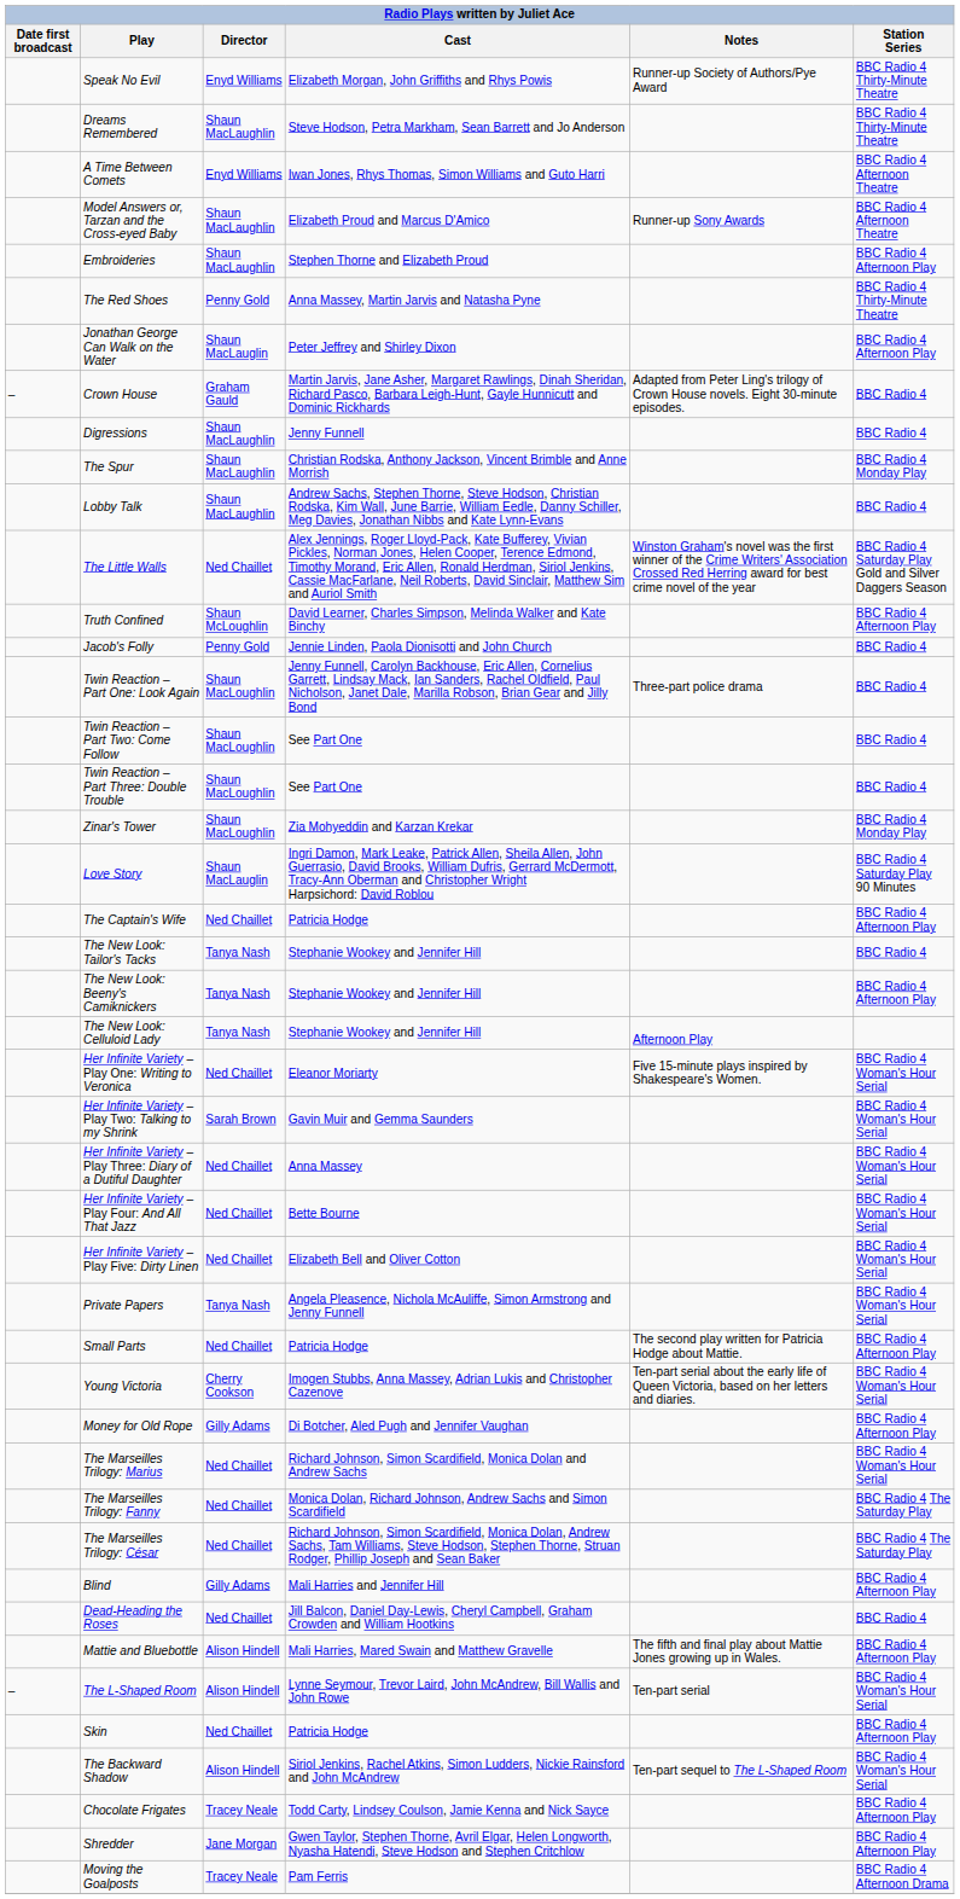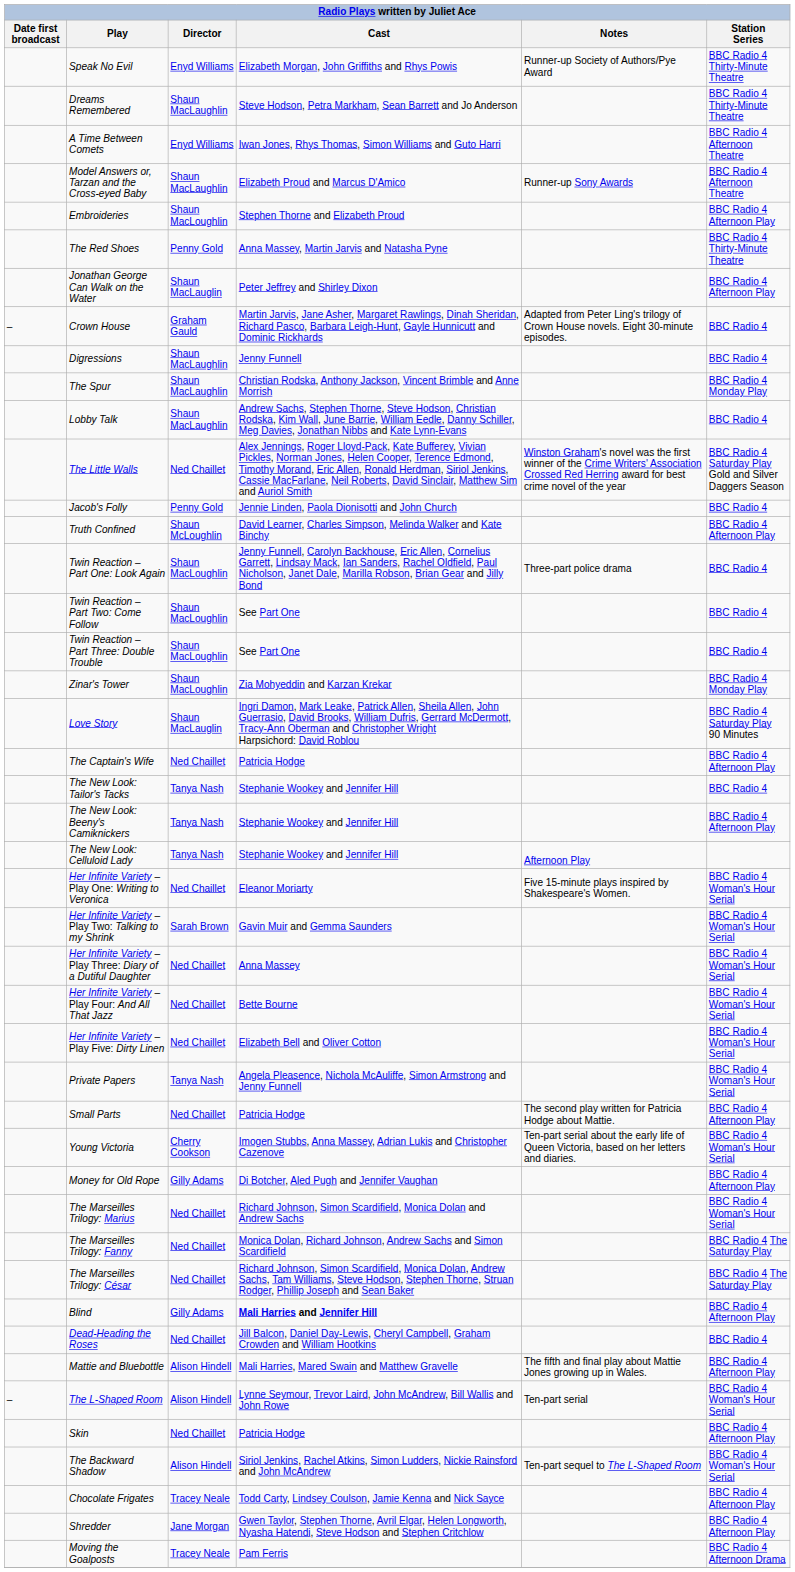 <table class="wikitable sortable" style="font-size: 100%; background: #f9f9f9">
 <tr>
 <th colspan=6 style="background:#B0C4DE;"><a href='#'>Radio Plays</a> written by Juliet Ace</th>
 </tr>
 <tr align="center">
 <th>Date first broadcast</th>
 <th>Play</th>
 <th>Director</th>
 <th>Cast</th>
 <th>Notes</th>
 <th>Station<br>Series<br></th>
 </tr>
 <tr id="Speak No Evil">
 <td></td>
 <td><em>Speak No Evil</em></td>
 <td><a href='#'>Enyd Williams</a></td>
 <td><a href='#'>Elizabeth Morgan</a>, <a href='#'>John Griffiths</a> and <a href='#'>Rhys Powis</a></td>
 <td>Runner-up Society of Authors/Pye Award</td>
 <td><a href='#'>BBC Radio 4</a> <a href='#'>Thirty-Minute Theatre</a></td>
 </tr>
 <tr id="Dreams Remembered">
 <td></td>
 <td><em>Dreams Remembered</em></td>
 <td><a href='#'>Shaun MacLaughlin</a></td>
 <td><a href='#'>Steve Hodson</a>, <a href='#'>Petra Markham</a>, <a href='#'>Sean Barrett</a> and Jo Anderson</td>
 <td></td>
 <td><a href='#'>BBC Radio 4</a><br><a href='#'>Thirty-Minute Theatre</a></td>
 </tr>
 <tr id="A Time Between Comets">
 <td></td>
 <td><em>A Time Between Comets</em></td>
 <td><a href='#'>Enyd Williams</a></td>
 <td><a href='#'>Iwan Jones</a>, <a href='#'>Rhys Thomas</a>, <a href='#'>Simon Williams</a> and <a href='#'>Guto Harri</a></td>
 <td></td>
 <td><a href='#'>BBC Radio 4</a><br><a href='#'>Afternoon Theatre</a></td>
 </tr>
 <tr id="Model Answers">
 <td></td>
 <td><em>Model Answers</em> <em>or, Tarzan and the Cross-eyed Baby </em></td>
 <td><a href='#'>Shaun MacLaughlin</a></td>
 <td><a href='#'>Elizabeth Proud</a> and <a href='#'>Marcus D'Amico</a></td>
 <td>Runner-up <a href='#'>Sony Awards</a></td>
 <td><a href='#'>BBC Radio 4</a><br><a href='#'>Afternoon Theatre</a></td>
 </tr>
 <tr id="Embroideries">
 <td></td>
 <td><em>Embroideries</em></td>
-<td><a href='#'>Shaun MacLaughlin</a></td>
+<td><a href='#'>Shaun MacLoughlin</a></td>
 <td><a href='#'>Stephen Thorne</a> and <a href='#'>Elizabeth Proud</a></td>
 <td></td>
 <td><a href='#'>BBC Radio 4</a><br><a href='#'>Afternoon Play</a></td>
 </tr>
 <tr id="The Red Shoes">
 <td></td>
 <td><em>The Red Shoes</em></td>
 <td><a href='#'>Penny Gold</a></td>
 <td><a href='#'>Anna Massey</a>, <a href='#'>Martin Jarvis</a> and <a href='#'>Natasha Pyne</a></td>
 <td></td>
 <td><a href='#'>BBC Radio 4</a><br><a href='#'>Thirty-Minute Theatre</a></td>
 </tr>
 <tr id="Jonathan George Can Walk on the Water">
 <td></td>
 <td><em>Jonathan George Can Walk on the Water</em></td>
 <td><a href='#'>Shaun MacLauglin</a></td>
 <td><a href='#'>Peter Jeffrey</a> and <a href='#'>Shirley Dixon</a></td>
 <td></td>
 <td><a href='#'>BBC Radio 4</a><br><a href='#'>Afternoon Play</a></td>
 </tr>
 <tr id="Crown House ">
 <td> – </td>
 <td><em>Crown House</em></td>
 <td><a href='#'>Graham Gauld</a></td>
 <td><a href='#'>Martin Jarvis</a>, <a href='#'>Jane Asher</a>, <a href='#'>Margaret Rawlings</a>, <a href='#'>Dinah Sheridan</a>, <a href='#'>Richard Pasco</a>, <a href='#'>Barbara Leigh-Hunt</a>, <a href='#'>Gayle Hunnicutt</a> and <a href='#'>Dominic Rickhards</a></td>
 <td>Adapted from Peter Ling's trilogy of Crown House novels. Eight 30-minute episodes.</td>
 <td><a href='#'>BBC Radio 4</a></td>
 </tr>
 <tr id="Digressions">
 <td></td>
 <td><em>Digressions</em></td>
 <td><a href='#'>Shaun MacLaughlin</a></td>
 <td><a href='#'>Jenny Funnell</a></td>
 <td></td>
 <td><a href='#'>BBC Radio 4</a></td>
 </tr>
 <tr id="The Spur">
 <td></td>
 <td><em>The Spur</em></td>
 <td><a href='#'>Shaun MacLaughlin</a></td>
 <td><a href='#'>Christian Rodska</a>, <a href='#'>Anthony Jackson</a>, <a href='#'>Vincent Brimble</a> and <a href='#'>Anne Morrish</a></td>
 <td></td>
 <td><a href='#'>BBC Radio 4</a><br><a href='#'>Monday Play</a></td>
 </tr>
 <tr id="Lobby Talk">
 <td></td>
 <td><em>Lobby Talk</em> </td>
 <td><a href='#'>Shaun MacLaughlin</a></td>
 <td><a href='#'>Andrew Sachs</a>, <a href='#'>Stephen Thorne</a>, <a href='#'>Steve Hodson</a>, <a href='#'>Christian Rodska</a>, <a href='#'>Kim Wall</a>, <a href='#'>June Barrie</a>, <a href='#'>William Eedle</a>, <a href='#'>Danny Schiller</a>, <a href='#'>Meg Davies</a>, <a href='#'>Jonathan Nibbs</a> and <a href='#'>Kate Lynn-Evans</a></td>
 <td></td>
 <td><a href='#'>BBC Radio 4</a></td>
 </tr>
 <tr id="The Little Walls">
 <td></td>
 <td><em><a href='#'>The Little Walls</a></em></td>
 <td><a href='#'>Ned Chaillet</a></td>
 <td><a href='#'>Alex Jennings</a>, <a href='#'>Roger Lloyd-Pack</a>, <a href='#'>Kate Bufferey</a>, <a href='#'>Vivian Pickles</a>, <a href='#'>Norman Jones</a>, <a href='#'>Helen Cooper</a>, <a href='#'>Terence Edmond</a>, <a href='#'>Timothy Morand</a>, <a href='#'>Eric Allen</a>, <a href='#'>Ronald Herdman</a>, <a href='#'>Siriol Jenkins</a>, <a href='#'>Cassie MacFarlane</a>, <a href='#'>Neil Roberts</a>, <a href='#'>David Sinclair</a>, <a href='#'>Matthew Sim</a> and <a href='#'>Auriol Smith</a></td>
 <td><a href='#'>Winston Graham</a>'s novel was the first winner of the <a href='#'>Crime Writers' Association</a> <a href='#'>Crossed Red Herring</a> award for best crime novel of the year</td>
 <td><a href='#'>BBC Radio 4</a><br><a href='#'>Saturday Play</a> Gold and Silver Daggers Season</td>
 </tr>
+<tr id="Jacob's Folly">
+<td></td>
+<td><em>Jacob's Folly</em></td>
+<td><a href='#'>Penny Gold</a></td>
+<td><a href='#'>Jennie Linden</a>, <a href='#'>Paola Dionisotti</a> and <a href='#'>John Church</a></td>
+<td></td>
+<td><a href='#'>BBC Radio 4</a></td>
+</tr>
 <tr id="Truth Confined">
 <td></td>
 <td><em>Truth Confined</em></td>
 <td><a href='#'>Shaun McLoughlin</a></td>
 <td><a href='#'>David Learner</a>, <a href='#'>Charles Simpson</a>, <a href='#'>Melinda Walker</a> and <a href='#'>Kate Binchy</a></td>
 <td></td>
 <td><a href='#'>BBC Radio 4</a><br><a href='#'>Afternoon Play</a></td>
-</tr>
-<tr id="Jacob's Folly">
-<td></td>
-<td><em>Jacob's Folly</em></td>
-<td><a href='#'>Penny Gold</a></td>
-<td><a href='#'>Jennie Linden</a>, <a href='#'>Paola Dionisotti</a> and <a href='#'>John Church</a></td>
-<td></td>
-<td><a href='#'>BBC Radio 4</a></td>
 </tr>
 <tr id="Twin Reaction – Part One: Look Again">
 <td></td>
 <td><em>Twin Reaction – </em><br><em>Part One: Look Again</em></td>
 <td><a href='#'>Shaun MacLoughlin</a></td>
 <td><a href='#'>Jenny Funnell</a>, <a href='#'>Carolyn Backhouse</a>, <a href='#'>Eric Allen</a>, <a href='#'>Cornelius Garrett</a>, <a href='#'>Lindsay Mack</a>, <a href='#'>Ian Sanders</a>, <a href='#'>Rachel Oldfield</a>, <a href='#'>Paul Nicholson</a>, <a href='#'>Janet Dale</a>, <a href='#'>Marilla Robson</a>, <a href='#'>Brian Gear</a> and <a href='#'>Jilly Bond</a></td>
 <td>Three-part police drama</td>
 <td><a href='#'>BBC Radio 4</a></td>
 </tr>
 <tr id="Twin Reaction – Part Two: Come Follow">
 <td></td>
 <td><em>Twin Reaction – </em><br><em>Part Two: Come Follow</em></td>
 <td><a href='#'>Shaun MacLoughlin</a></td>
 <td>See <a href='#'>Part One</a></td>
 <td></td>
 <td><a href='#'>BBC Radio 4</a></td>
 </tr>
 <tr id="Twin Reaction – Part Three: Double Trouble">
 <td></td>
 <td><em>Twin Reaction – </em><br><em>Part Three: Double Trouble</em></td>
 <td><a href='#'>Shaun MacLoughlin</a></td>
 <td>See <a href='#'>Part One</a></td>
 <td></td>
 <td><a href='#'>BBC Radio 4</a></td>
 </tr>
 <tr id="Zinar's Tower">
 <td></td>
 <td><em>Zinar's Tower</em></td>
 <td><a href='#'>Shaun MacLoughlin</a></td>
 <td><a href='#'>Zia Mohyeddin</a> and <a href='#'>Karzan Krekar</a></td>
 <td></td>
 <td><a href='#'>BBC Radio 4</a><br><a href='#'>Monday Play</a></td>
 </tr>
 <tr id="Love Story">
 <td></td>
 <td><em><a href='#'>Love Story</a></em></td>
 <td><a href='#'>Shaun MacLauglin</a></td>
 <td><a href='#'>Ingri Damon</a>, <a href='#'>Mark Leake</a>, <a href='#'>Patrick Allen</a>, <a href='#'>Sheila Allen</a>, <a href='#'>John Guerrasio</a>, <a href='#'>David Brooks</a>, <a href='#'>William Dufris</a>, <a href='#'>Gerrard McDermott</a>, <a href='#'>Tracy-Ann Oberman</a> and <a href='#'>Christopher Wright</a><br>Harpsichord: <a href='#'>David Roblou</a></td>
 <td></td>
 <td><a href='#'>BBC Radio 4</a> <a href='#'>Saturday Play</a><br>90 Minutes</td>
 </tr>
 <tr id="The Captain's Wife">
 <td></td>
 <td><em>The Captain's Wife</em></td>
 <td><a href='#'>Ned Chaillet</a></td>
 <td><a href='#'>Patricia Hodge</a></td>
 <td></td>
 <td><a href='#'>BBC Radio 4</a> <a href='#'>Afternoon Play</a></td>
 </tr>
 <tr id="The New Look: Tailor's Tacks">
 <td></td>
 <td><em>The New Look: </em><br><em>Tailor's Tacks</em></td>
 <td><a href='#'>Tanya Nash</a></td>
 <td><a href='#'>Stephanie Wookey</a> and <a href='#'>Jennifer Hill</a></td>
 <td></td>
 <td><a href='#'>BBC Radio 4</a></td>
 </tr>
 <tr id="The New Look: Beeny's Camiknickers">
 <td></td>
 <td><em>The New Look: </em><br><em>Beeny's Camiknickers</em></td>
 <td><a href='#'>Tanya Nash</a></td>
 <td><a href='#'>Stephanie Wookey</a> and <a href='#'>Jennifer Hill</a></td>
 <td></td>
 <td><a href='#'>BBC Radio 4</a><br><a href='#'>Afternoon Play</a></td>
 </tr>
 <tr id="The New Look: Celluloid Lady">
 <td></td>
 <td><em>The New Look: </em><br><em>Celluloid Lady</em></td>
 <td><a href='#'>Tanya Nash</a></td>
 <td><a href='#'>Stephanie Wookey</a> and <a href='#'>Jennifer Hill</a></td>
 <td><br><a href='#'>Afternoon Play</a></td>
 </tr>
 <tr id="Her Infinite Variety – Play One: Writing to Veronica">
 <td></td>
 <td><em><a href='#'>Her Infinite Variety</a></em> –<br>Play One: <em>Writing to Veronica</em></td>
 <td><a href='#'>Ned Chaillet</a></td>
 <td><a href='#'>Eleanor Moriarty</a></td>
 <td>Five 15-minute plays inspired by Shakespeare's Women.</td>
 <td><a href='#'>BBC Radio 4</a><br><a href='#'>Woman's Hour Serial</a></td>
 </tr>
 <tr id="Her Infinite Variety – Play Two: Talking to my Shrink">
 <td></td>
 <td><em><a href='#'>Her Infinite Variety</a></em> –<br>Play Two: <em>Talking to my Shrink</em></td>
 <td><a href='#'>Sarah Brown</a></td>
 <td><a href='#'>Gavin Muir</a> and <a href='#'>Gemma Saunders</a></td>
 <td></td>
 <td><a href='#'>BBC Radio 4</a><br><a href='#'>Woman's Hour Serial</a></td>
 </tr>
 <tr id="Her Infinite Variety – Play Three: Diary of a Dutiful Daughter">
 <td></td>
 <td><em><a href='#'>Her Infinite Variety</a></em> –<br>Play Three: <em>Diary of a Dutiful Daughter</em></td>
 <td><a href='#'>Ned Chaillet</a></td>
 <td><a href='#'>Anna Massey</a></td>
 <td></td>
 <td><a href='#'>BBC Radio 4</a><br><a href='#'>Woman's Hour Serial</a></td>
 </tr>
 <tr id="Her Infinite Variety – Play Four: And All That Jazz">
 <td></td>
 <td><em><a href='#'>Her Infinite Variety</a></em> –<br>Play Four: <em>And All That Jazz</em></td>
 <td><a href='#'>Ned Chaillet</a></td>
 <td><a href='#'>Bette Bourne</a></td>
 <td></td>
 <td><a href='#'>BBC Radio 4</a><br><a href='#'>Woman's Hour Serial</a></td>
 </tr>
 <tr id="Her Infinite Variety – Play Five: Dirty Linen">
 <td></td>
 <td><em><a href='#'>Her Infinite Variety</a></em> –<br>Play Five: <em>Dirty Linen</em></td>
 <td><a href='#'>Ned Chaillet</a></td>
 <td><a href='#'>Elizabeth Bell</a> and <a href='#'>Oliver Cotton</a></td>
 <td></td>
 <td><a href='#'>BBC Radio 4</a><br><a href='#'>Woman's Hour Serial</a></td>
 </tr>
 <tr id="Private Papers">
 <td></td>
 <td><em>Private Papers</em></td>
 <td><a href='#'>Tanya Nash</a></td>
 <td><a href='#'>Angela Pleasence</a>, <a href='#'>Nichola McAuliffe</a>, <a href='#'>Simon Armstrong</a> and <a href='#'>Jenny Funnell</a></td>
 <td></td>
 <td><a href='#'>BBC Radio 4</a><br><a href='#'>Woman's Hour Serial</a></td>
 </tr>
 <tr id="Small Parts">
 <td></td>
 <td><em>Small Parts</em></td>
 <td><a href='#'>Ned Chaillet</a></td>
 <td><a href='#'>Patricia Hodge</a></td>
 <td>The second play written for Patricia Hodge about Mattie.</td>
 <td><a href='#'>BBC Radio 4</a> <a href='#'>Afternoon Play</a></td>
 </tr>
 <tr id="Young Victoria">
 <td></td>
 <td><em>Young Victoria</em></td>
 <td><a href='#'>Cherry Cookson</a></td>
 <td><a href='#'>Imogen Stubbs</a>, <a href='#'>Anna Massey</a>, <a href='#'>Adrian Lukis</a> and <a href='#'>Christopher Cazenove</a></td>
 <td>Ten-part serial about the early life of Queen Victoria, based on her letters and diaries.</td>
 <td><a href='#'>BBC Radio 4</a><br><a href='#'>Woman's Hour Serial</a></td>
 </tr>
 <tr id="Money for Old Rope">
 <td></td>
 <td><em>Money for Old Rope</em></td>
 <td><a href='#'>Gilly Adams</a></td>
 <td><a href='#'>Di Botcher</a>, <a href='#'>Aled Pugh</a> and <a href='#'>Jennifer Vaughan</a></td>
 <td></td>
 <td><a href='#'>BBC Radio 4</a><br><a href='#'>Afternoon Play</a></td>
 </tr>
 <tr id="The Marseilles Trilogy: Marius">
 <td></td>
 <td><em>The Marseilles Trilogy: <a href='#'>Marius</a></em></td>
 <td><a href='#'>Ned Chaillet</a></td>
 <td><a href='#'>Richard Johnson</a>, <a href='#'>Simon Scardifield</a>, <a href='#'>Monica Dolan</a> and <a href='#'>Andrew Sachs</a></td>
 <td></td>
 <td><a href='#'>BBC Radio 4</a><br><a href='#'>Woman's Hour Serial</a></td>
 </tr>
 <tr id="The Marseilles Trilogy: Fanny">
 <td></td>
 <td><em>The Marseilles Trilogy: <a href='#'>Fanny</a></em></td>
 <td><a href='#'>Ned Chaillet</a></td>
 <td><a href='#'>Monica Dolan</a>, <a href='#'>Richard Johnson</a>, <a href='#'>Andrew Sachs</a> and <a href='#'>Simon Scardifield</a></td>
 <td></td>
 <td><a href='#'>BBC Radio 4</a> <a href='#'>The Saturday Play</a></td>
 </tr>
 <tr id="The Marseilles Trilogy: César">
 <td></td>
 <td><em>The Marseilles Trilogy: <a href='#'>César</a></em></td>
 <td><a href='#'>Ned Chaillet</a></td>
 <td><a href='#'>Richard Johnson</a>, <a href='#'>Simon Scardifield</a>, <a href='#'>Monica Dolan</a>, <a href='#'>Andrew Sachs</a>, <a href='#'>Tam Williams</a>, <a href='#'>Steve Hodson</a>, <a href='#'>Stephen Thorne</a>, <a href='#'>Struan Rodger</a>, <a href='#'>Phillip Joseph</a> and <a href='#'>Sean Baker</a></td>
 <td></td>
 <td><a href='#'>BBC Radio 4</a> <a href='#'>The Saturday Play</a></td>
 </tr>
 <tr id="Blind">
 <td></td>
 <td><em>Blind</em></td>
 <td><a href='#'>Gilly Adams</a></td>
-<td><a href='#'>Mali Harries</a> and <a href='#'>Jennifer Hill</a></td>
+<td><strong><a href='#'>Mali Harries</a> and <a href='#'>Jennifer Hill</a></strong></td>
 <td></td>
 <td><a href='#'>BBC Radio 4</a><br><a href='#'>Afternoon Play</a></td>
 </tr>
 <tr id="Dead-Heading the Roses">
 <td></td>
 <td><em><a href='#'>Dead-Heading the Roses</a></em></td>
 <td><a href='#'>Ned Chaillet</a></td>
 <td><a href='#'>Jill Balcon</a>, <a href='#'>Daniel Day-Lewis</a>, <a href='#'>Cheryl Campbell</a>, <a href='#'>Graham Crowden</a> and <a href='#'>William Hootkins</a></td>
 <td></td>
 <td><a href='#'>BBC Radio 4</a></td>
 </tr>
 <tr id="Mattie and Bluebottle">
 <td></td>
 <td><em>Mattie and Bluebottle</em></td>
 <td><a href='#'>Alison Hindell</a></td>
 <td><a href='#'>Mali Harries</a>, <a href='#'>Mared Swain</a> and <a href='#'>Matthew Gravelle</a></td>
 <td>The fifth and final play about Mattie Jones growing up in Wales.</td>
 <td><a href='#'>BBC Radio 4</a><br><a href='#'>Afternoon Play</a></td>
 </tr>
 <tr id="The L-Shaped Room">
 <td> – </td>
 <td><em><a href='#'>The L-Shaped Room</a></em></td>
 <td><a href='#'>Alison Hindell</a></td>
 <td><a href='#'>Lynne Seymour</a>, <a href='#'>Trevor Laird</a>, <a href='#'>John McAndrew</a>, <a href='#'>Bill Wallis</a> and <a href='#'>John Rowe</a></td>
 <td>Ten-part serial</td>
 <td><a href='#'>BBC Radio 4</a><br><a href='#'>Woman's Hour Serial</a></td>
 </tr>
 <tr id="Skin">
 <td></td>
 <td><em>Skin</em></td>
 <td><a href='#'>Ned Chaillet</a></td>
 <td><a href='#'>Patricia Hodge</a></td>
 <td></td>
 <td><a href='#'>BBC Radio 4</a><br><a href='#'>Afternoon Play</a></td>
 </tr>
 <tr id="The Backward Shadow">
 <td></td>
 <td><em>The Backward Shadow</em></td>
 <td><a href='#'>Alison Hindell</a></td>
 <td><a href='#'>Siriol Jenkins</a>, <a href='#'>Rachel Atkins</a>, <a href='#'>Simon Ludders</a>, <a href='#'>Nickie Rainsford</a> and <a href='#'>John McAndrew</a></td>
 <td>Ten-part sequel to <em><a href='#'>The L-Shaped Room</a></em></td>
 <td><a href='#'>BBC Radio 4</a><br><a href='#'>Woman's Hour Serial</a></td>
 </tr>
 <tr id="Chocolate Frigates">
 <td></td>
 <td><em>Chocolate Frigates</em></td>
 <td><a href='#'>Tracey Neale</a></td>
 <td><a href='#'>Todd Carty</a>, <a href='#'>Lindsey Coulson</a>, <a href='#'>Jamie Kenna</a> and <a href='#'>Nick Sayce</a></td>
 <td></td>
 <td><a href='#'>BBC Radio 4</a><br><a href='#'>Afternoon Play</a></td>
 </tr>
 <tr id="Shredder">
 <td></td>
 <td><em>Shredder</em></td>
 <td><a href='#'>Jane Morgan</a></td>
 <td><a href='#'>Gwen Taylor</a>, <a href='#'>Stephen Thorne</a>, <a href='#'>Avril Elgar</a>, <a href='#'>Helen Longworth</a>, <a href='#'>Nyasha Hatendi</a>, <a href='#'>Steve Hodson</a> and <a href='#'>Stephen Critchlow</a></td>
 <td></td>
 <td><a href='#'>BBC Radio 4</a><br><a href='#'>Afternoon Play</a></td>
 </tr>
 <tr id="Moving the Goalposts">
 <td></td>
 <td><em>Moving the Goalposts</em></td>
 <td><a href='#'>Tracey Neale</a></td>
 <td><a href='#'>Pam Ferris</a></td>
 <td></td>
 <td><a href='#'>BBC Radio 4</a><br><a href='#'>Afternoon Drama</a><br></td>
 </tr>
 <tr>
 </tr>
 </table>
